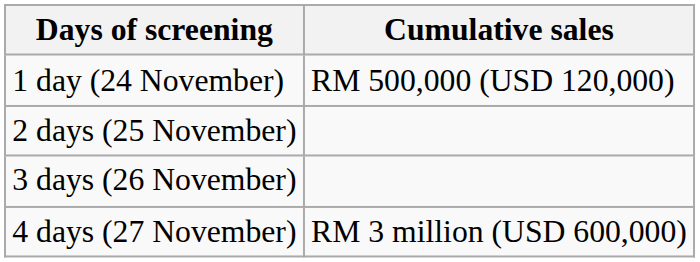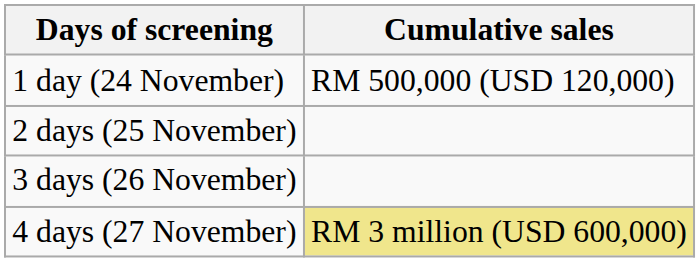 <table class=wikitable>
 <tr>
 <th>Days of screening</th>
 <th>Cumulative sales</th>
 </tr>
 <tr>
 <td>1 day (24 November)</td>
 <td>RM 500,000 (USD 120,000)</td>
 </tr>
 <tr>
 <td>2 days (25 November)</td>
 <td></td>
 </tr>
 <tr>
 <td>3 days (26 November)</td>
 <td></td>
 </tr>
 <tr>
 <td>4 days (27 November)</td>
-<td>RM 3 million (USD 600,000)</td>
+<td style="background: khaki;">RM 3 million (USD 600,000)</td>
 </tr>
 </table>
